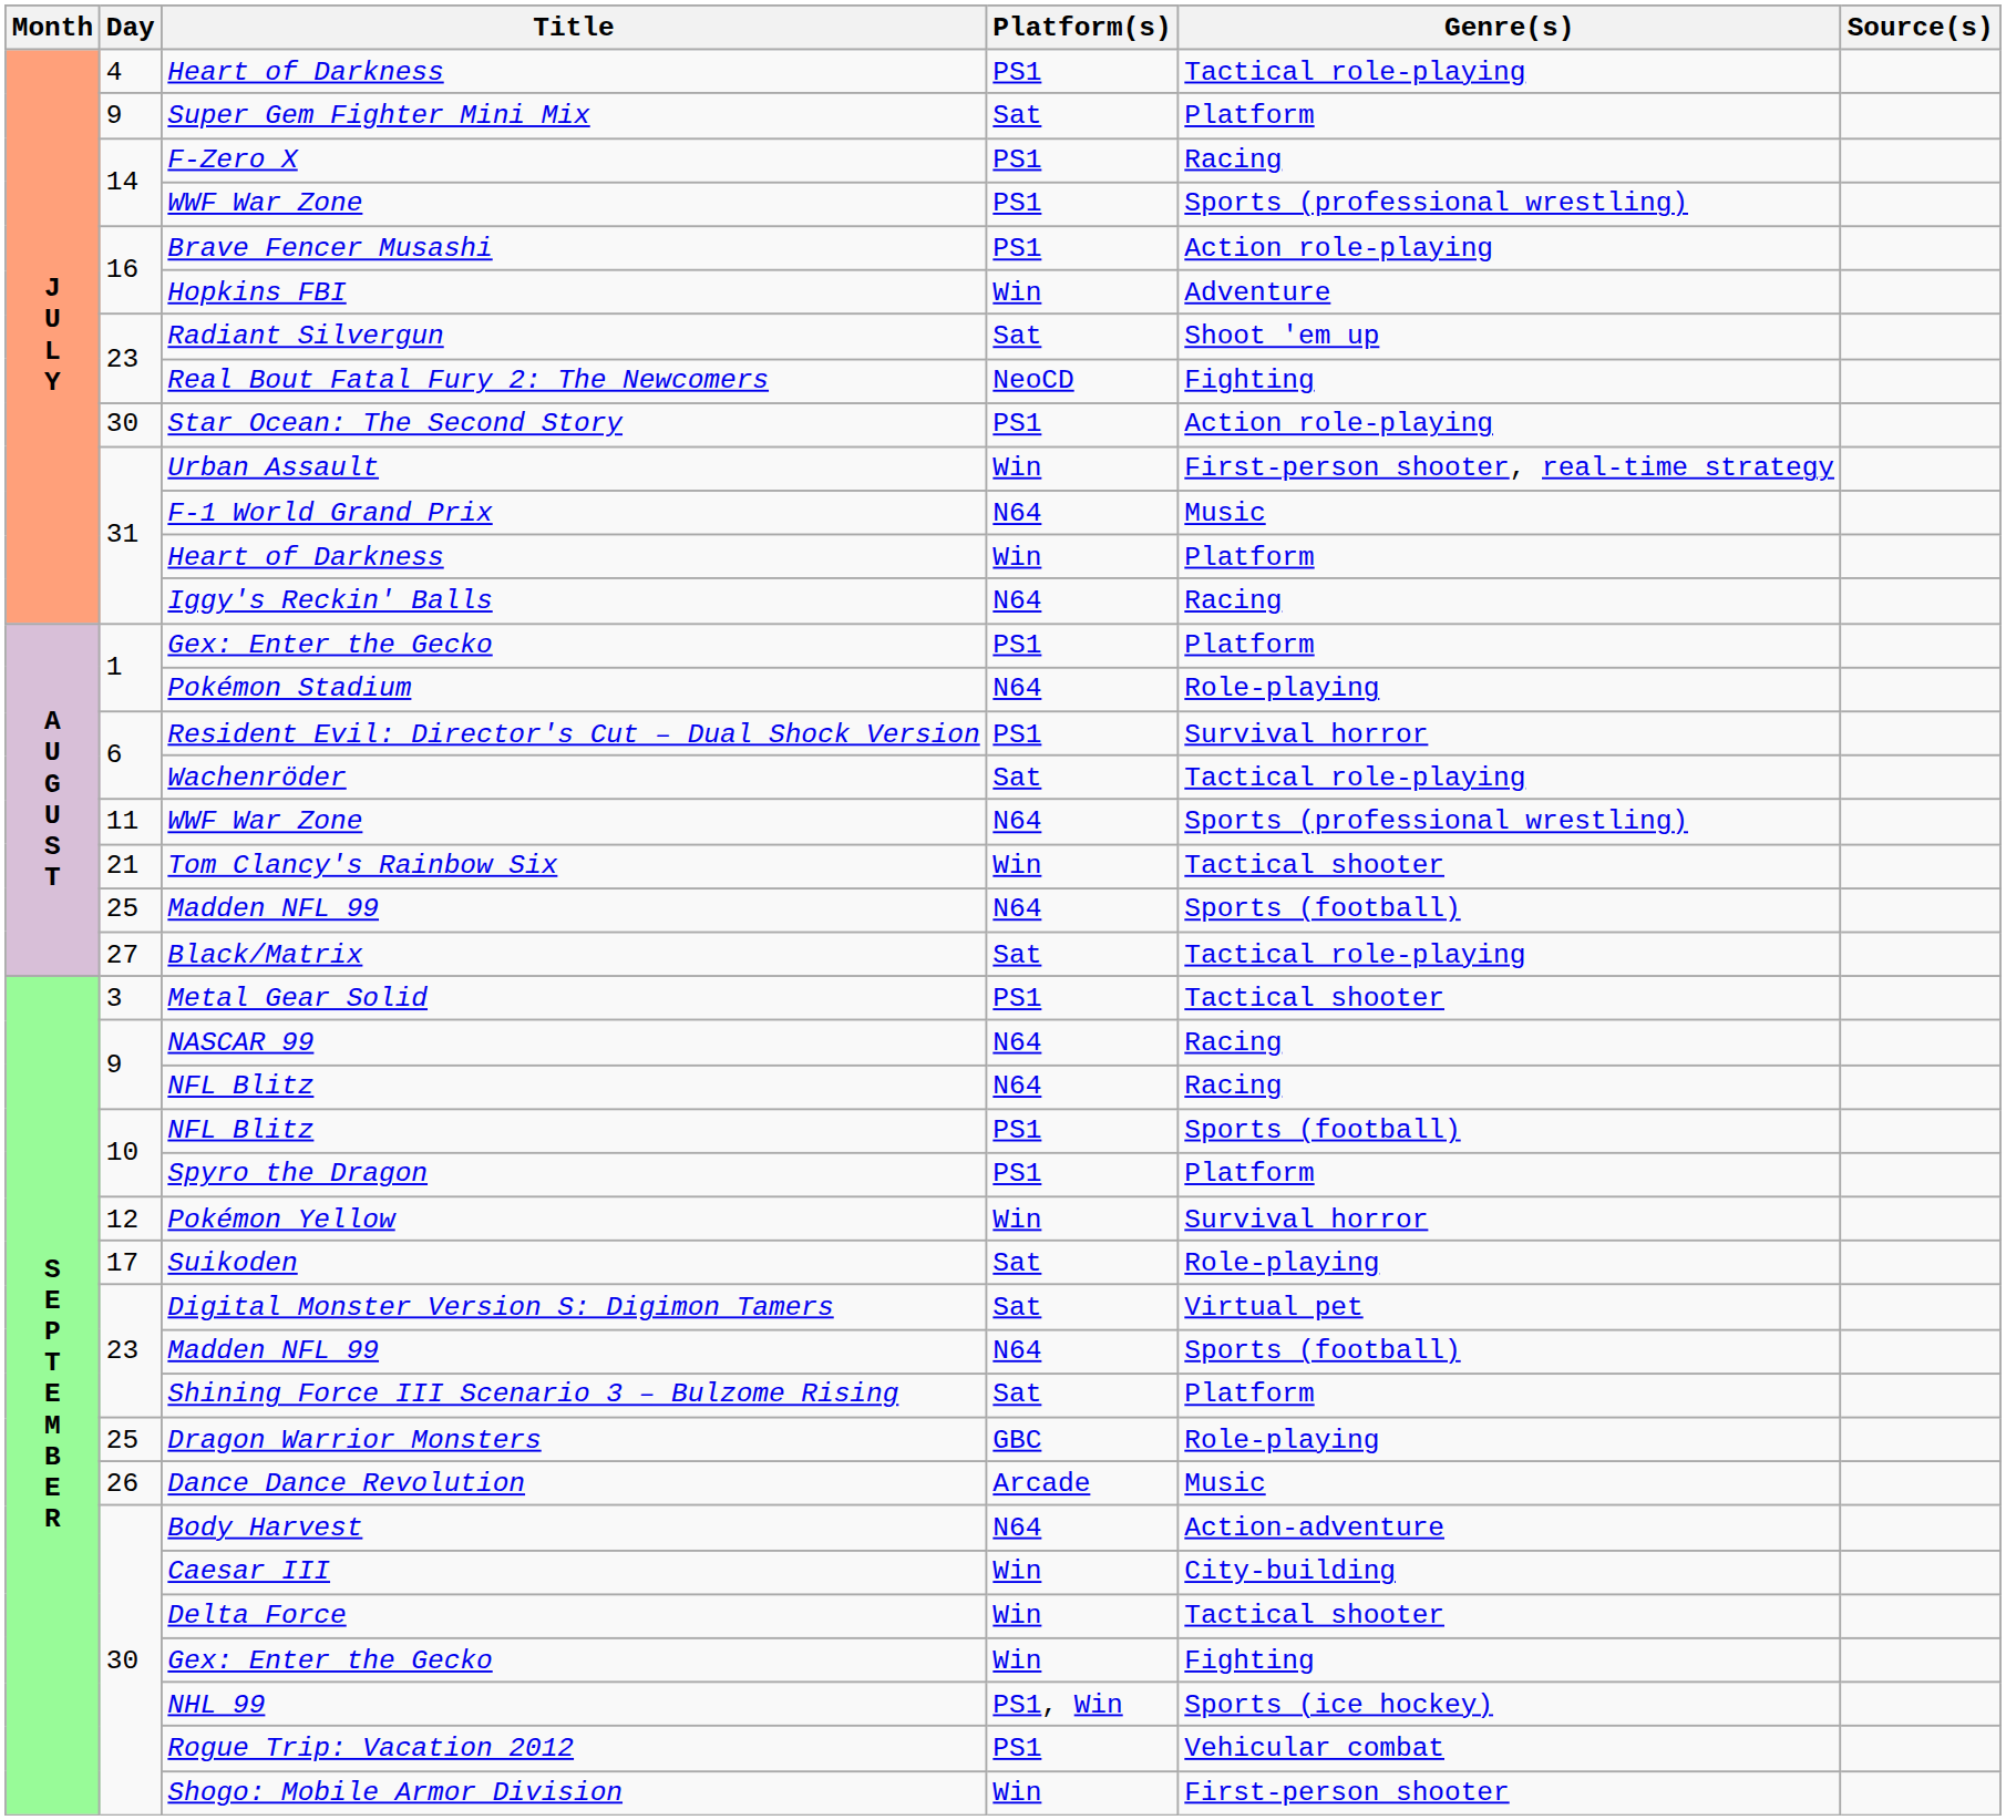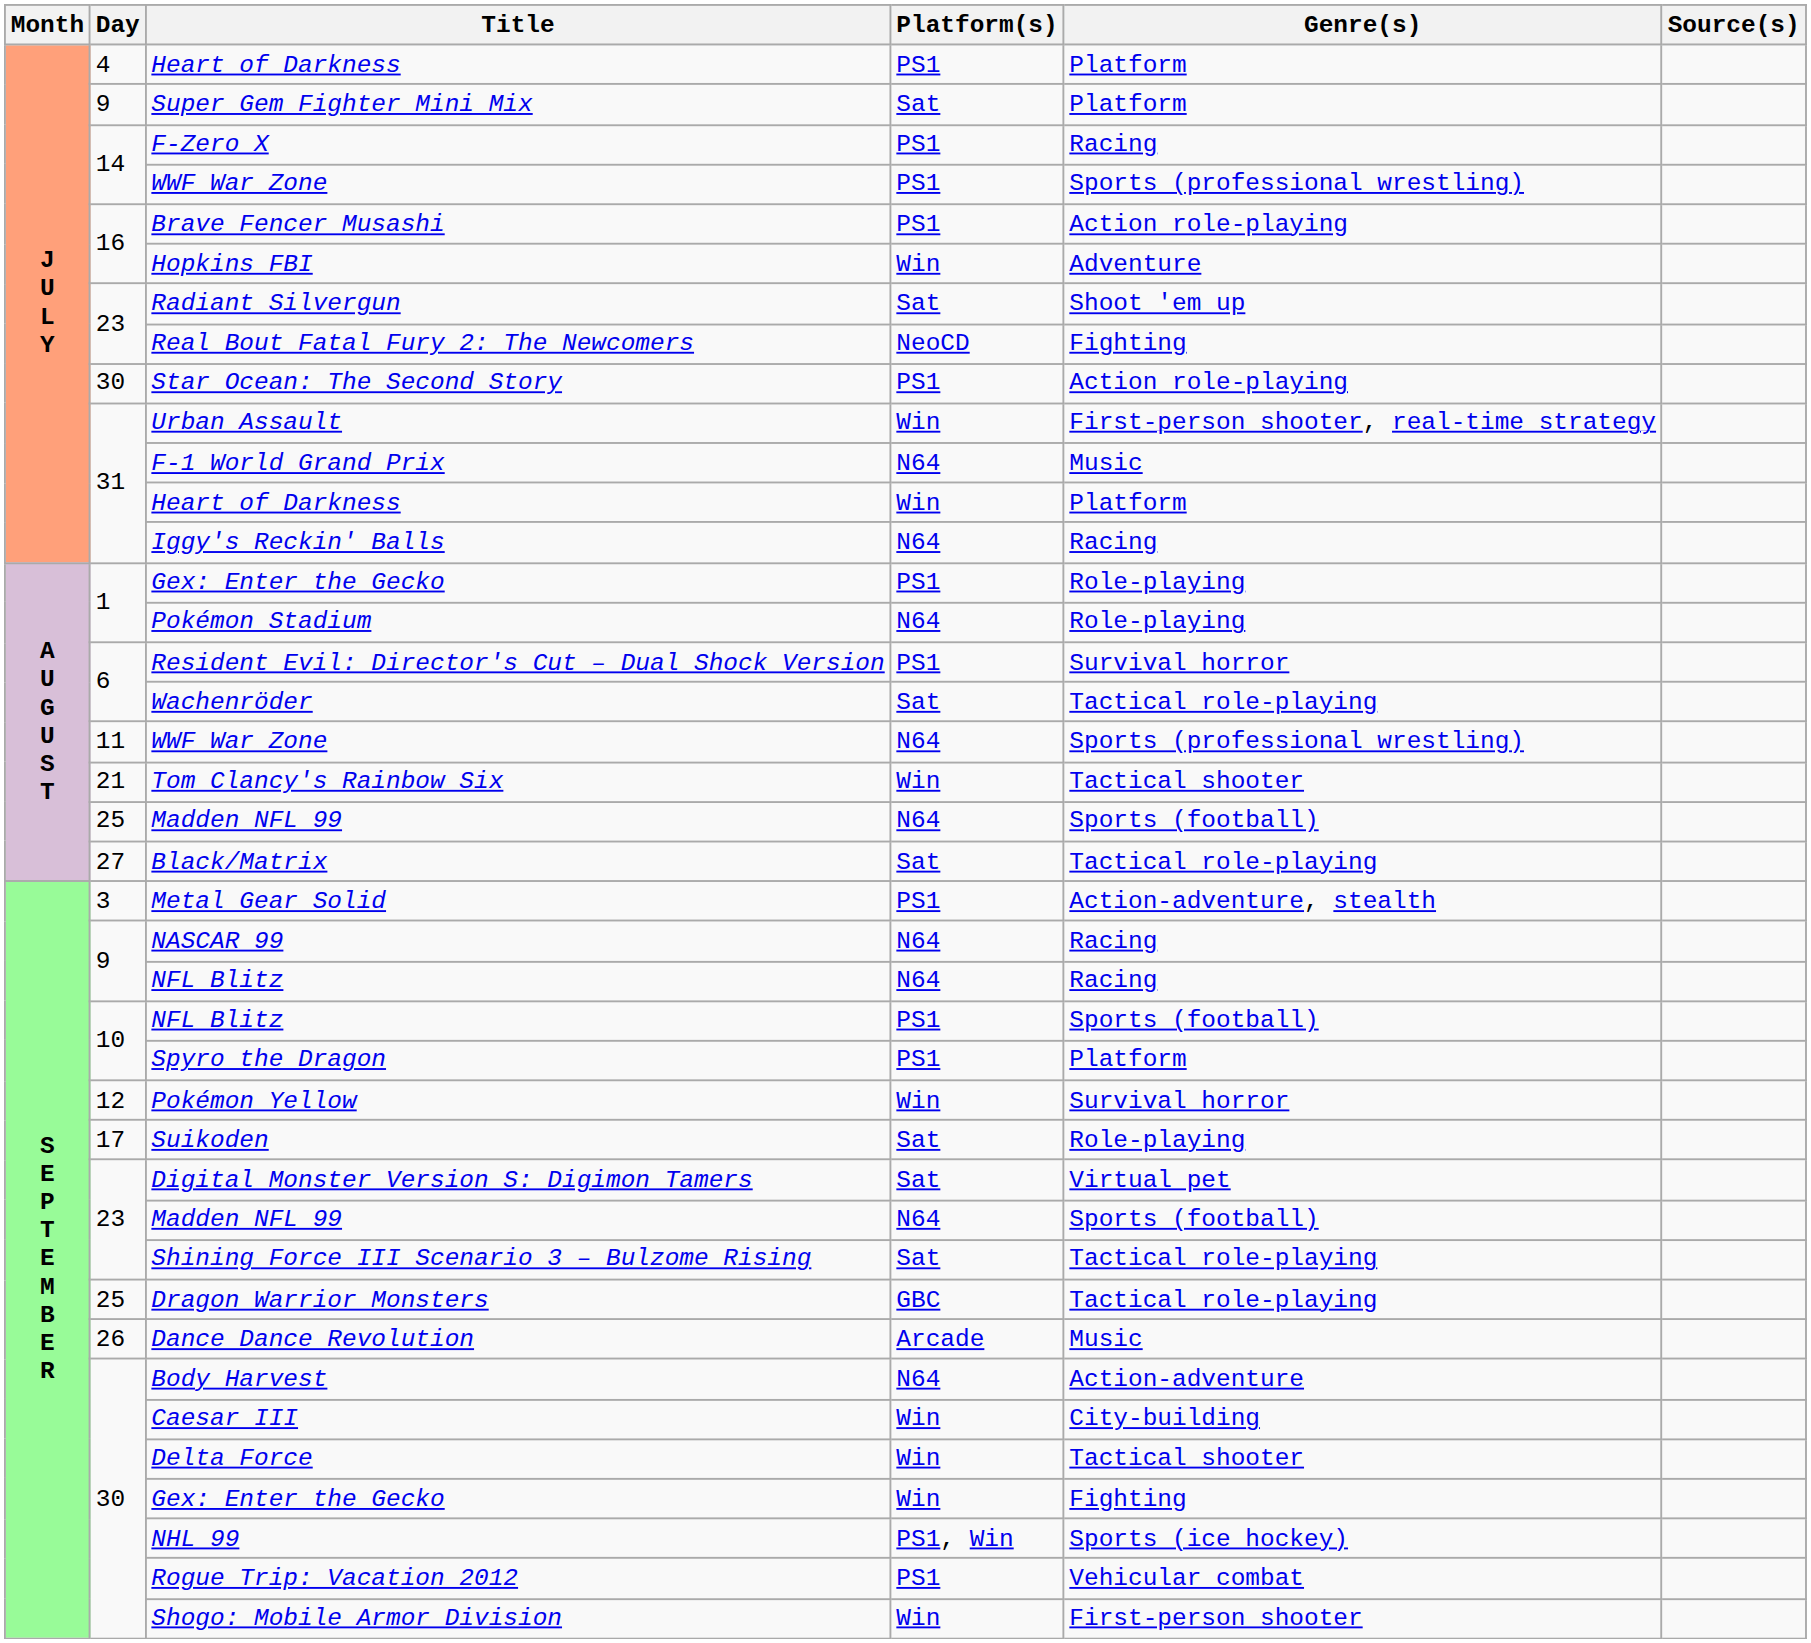 <table class="wikitable">
 <tr style="background:#dae3e7;">
 <th>Month</th>
 <th>Day</th>
 <th>Title</th>
 <th>Platform(s)</th>
 <th>Genre(s)</th>
 <th>Source(s)</th>
 </tr>
 <tr>
 <td rowspan="13" style="text-align:center; background:#ffa07a; textcolor:#000;"><strong>J<br>U<br>L<br>Y</strong></td>
 <td>4</td>
 <td><em><a href='#'>Heart of Darkness</a></em></td>
 <td><a href='#'>PS1</a></td>
-<td><a href='#'>Tactical role-playing</a></td>
+<td><a href='#'>Platform</a></td>
 <td align="center"></td>
 </tr>
 <tr>
 <td>9</td>
 <td><em><a href='#'>Super Gem Fighter Mini Mix</a></em></td>
 <td><a href='#'>Sat</a></td>
 <td><a href='#'>Platform</a></td>
 <td align="center"></td>
 </tr>
 <tr>
 <td rowspan="2">14</td>
 <td><em><a href='#'>F-Zero X</a></em></td>
 <td><a href='#'>PS1</a></td>
 <td><a href='#'>Racing</a></td>
 <td align="center"></td>
 </tr>
 <tr>
 <td><em><a href='#'>WWF War Zone</a></em></td>
 <td><a href='#'>PS1</a></td>
 <td><a href='#'>Sports (professional wrestling)</a></td>
 <td align="center"></td>
 </tr>
 <tr>
 <td rowspan="2">16</td>
 <td><em><a href='#'>Brave Fencer Musashi</a></em></td>
 <td><a href='#'>PS1</a></td>
 <td><a href='#'>Action role-playing</a></td>
 <td align="center"></td>
 </tr>
 <tr>
 <td><em><a href='#'>Hopkins FBI</a></em></td>
 <td><a href='#'>Win</a></td>
 <td><a href='#'>Adventure</a></td>
 <td align="center"></td>
 </tr>
 <tr>
 <td rowspan="2">23</td>
 <td><em><a href='#'>Radiant Silvergun</a></em></td>
 <td><a href='#'>Sat</a></td>
 <td><a href='#'>Shoot 'em up</a></td>
 <td align="center"></td>
 </tr>
 <tr>
 <td><em><a href='#'>Real Bout Fatal Fury 2: The Newcomers</a></em></td>
 <td><a href='#'>NeoCD</a></td>
 <td><a href='#'>Fighting</a></td>
 <td align="center"></td>
 </tr>
 <tr>
 <td>30</td>
 <td><em><a href='#'>Star Ocean: The Second Story</a></em></td>
 <td><a href='#'>PS1</a></td>
 <td><a href='#'>Action role-playing</a></td>
 <td align="center"></td>
 </tr>
 <tr>
 <td rowspan="4">31</td>
 <td><em><a href='#'>Urban Assault</a></em></td>
 <td><a href='#'>Win</a></td>
 <td><a href='#'>First-person shooter</a>, <a href='#'>real-time strategy</a></td>
 <td align="center"></td>
 </tr>
 <tr>
 <td><em><a href='#'>F-1 World Grand Prix</a></em></td>
 <td><a href='#'>N64</a></td>
 <td><a href='#'>Music</a></td>
 <td align="center"></td>
 </tr>
 <tr>
 <td><em><a href='#'>Heart of Darkness</a></em></td>
 <td><a href='#'>Win</a></td>
 <td><a href='#'>Platform</a></td>
 <td align="center"></td>
 </tr>
 <tr>
 <td><em><a href='#'>Iggy's Reckin' Balls</a></em></td>
 <td><a href='#'>N64</a></td>
 <td><a href='#'>Racing</a></td>
 <td align="center"></td>
 </tr>
 <tr>
 <td rowspan="8" style="text-align:center; background:thistle; textcolor:#000;"><strong>A<br>U<br>G<br>U<br>S<br>T</strong></td>
 <td rowspan="2">1</td>
 <td><em><a href='#'>Gex: Enter the Gecko</a></em></td>
 <td><a href='#'>PS1</a></td>
-<td><a href='#'>Platform</a></td>
+<td><a href='#'>Role-playing</a></td>
 <td align="center"></td>
 </tr>
 <tr>
 <td><em><a href='#'>Pokémon Stadium</a></em></td>
 <td><a href='#'>N64</a></td>
 <td><a href='#'>Role-playing</a></td>
 <td align="center"></td>
 </tr>
 <tr>
 <td rowspan="2">6</td>
 <td><em><a href='#'>Resident Evil: Director's Cut – Dual Shock Version</a></em></td>
 <td><a href='#'>PS1</a></td>
 <td><a href='#'>Survival horror</a></td>
 <td align="center"></td>
 </tr>
 <tr>
 <td><em><a href='#'>Wachenröder</a></em></td>
 <td><a href='#'>Sat</a></td>
 <td><a href='#'>Tactical role-playing</a></td>
 <td align="center"></td>
 </tr>
 <tr>
 <td>11</td>
 <td><em><a href='#'>WWF War Zone</a></em></td>
 <td><a href='#'>N64</a></td>
 <td><a href='#'>Sports (professional wrestling)</a></td>
 <td align="center"></td>
 </tr>
 <tr>
 <td>21</td>
 <td><em><a href='#'>Tom Clancy's Rainbow Six</a></em></td>
 <td><a href='#'>Win</a></td>
 <td><a href='#'>Tactical shooter</a></td>
 <td align="center"></td>
 </tr>
 <tr>
 <td>25</td>
 <td><em><a href='#'>Madden NFL 99</a></em></td>
 <td><a href='#'>N64</a></td>
 <td><a href='#'>Sports (football)</a></td>
 <td align="center"></td>
 </tr>
 <tr>
 <td>27</td>
 <td><em><a href='#'>Black/Matrix</a></em></td>
 <td><a href='#'>Sat</a></td>
 <td><a href='#'>Tactical role-playing</a></td>
 <td align="center"></td>
 </tr>
 <tr>
 <td rowspan="19" style="text-align:center; background:#98fb98; textcolor:#000;"><strong>S<br>E<br>P<br>T<br>E<br>M<br>B<br>E<br>R</strong></td>
 <td>3</td>
 <td><em><a href='#'>Metal Gear Solid</a></em></td>
 <td><a href='#'>PS1</a></td>
-<td><a href='#'>Tactical shooter</a></td>
+<td><a href='#'>Action-adventure</a>, <a href='#'>stealth</a></td>
 <td align="center"></td>
 </tr>
 <tr>
 <td rowspan="2">9</td>
 <td><em><a href='#'>NASCAR 99</a></em></td>
 <td><a href='#'>N64</a></td>
 <td><a href='#'>Racing</a></td>
 <td align="center"></td>
 </tr>
 <tr>
 <td><em><a href='#'>NFL Blitz</a></em></td>
 <td><a href='#'>N64</a></td>
 <td><a href='#'>Racing</a></td>
 <td align="center"></td>
 </tr>
 <tr>
 <td rowspan="2">10</td>
 <td><em><a href='#'>NFL Blitz</a></em></td>
 <td><a href='#'>PS1</a></td>
 <td><a href='#'>Sports (football)</a></td>
 <td align="center"></td>
 </tr>
 <tr>
 <td><em><a href='#'>Spyro the Dragon</a></em></td>
 <td><a href='#'>PS1</a></td>
 <td><a href='#'>Platform</a></td>
 <td align="center"></td>
 </tr>
 <tr>
 <td>12</td>
 <td><em><a href='#'>Pokémon Yellow</a></em></td>
 <td><a href='#'>Win</a></td>
 <td><a href='#'>Survival horror</a></td>
 <td align="center"></td>
 </tr>
 <tr>
 <td>17</td>
 <td><em><a href='#'>Suikoden</a></em></td>
 <td><a href='#'>Sat</a></td>
 <td><a href='#'>Role-playing</a></td>
 <td align="center"></td>
 </tr>
 <tr>
 <td rowspan="3">23</td>
 <td><em><a href='#'>Digital Monster Version S: Digimon Tamers</a></em></td>
 <td><a href='#'>Sat</a></td>
 <td><a href='#'>Virtual pet</a></td>
 <td align="center"></td>
 </tr>
 <tr>
 <td><em><a href='#'>Madden NFL 99</a></em></td>
 <td><a href='#'>N64</a></td>
 <td><a href='#'>Sports (football)</a></td>
 <td align="center"></td>
 </tr>
 <tr>
 <td><em><a href='#'>Shining Force III Scenario 3 – Bulzome Rising</a></em></td>
 <td><a href='#'>Sat</a></td>
-<td><a href='#'>Platform</a></td>
+<td><a href='#'>Tactical role-playing</a></td>
 <td align="center"></td>
 </tr>
 <tr>
 <td>25</td>
 <td><em><a href='#'>Dragon Warrior Monsters</a></em></td>
 <td><a href='#'>GBC</a></td>
-<td><a href='#'>Role-playing</a></td>
+<td><a href='#'>Tactical role-playing</a></td>
 <td align="center"></td>
 </tr>
 <tr>
 <td>26</td>
 <td><em><a href='#'>Dance Dance Revolution</a></em></td>
 <td><a href='#'>Arcade</a></td>
 <td><a href='#'>Music</a></td>
 <td align="center"></td>
 </tr>
 <tr>
 <td rowspan="7">30</td>
 <td><em><a href='#'>Body Harvest</a></em></td>
 <td><a href='#'>N64</a></td>
 <td><a href='#'>Action-adventure</a></td>
 <td align="center"></td>
 </tr>
 <tr>
 <td><em><a href='#'>Caesar III</a></em></td>
 <td><a href='#'>Win</a></td>
 <td><a href='#'>City-building</a></td>
 <td align="center"></td>
 </tr>
 <tr>
 <td><em><a href='#'>Delta Force</a></em></td>
 <td><a href='#'>Win</a></td>
 <td><a href='#'>Tactical shooter</a></td>
 <td align="center"></td>
 </tr>
 <tr>
 <td><em><a href='#'>Gex: Enter the Gecko</a></em></td>
 <td><a href='#'>Win</a></td>
 <td><a href='#'>Fighting</a></td>
 <td align="center"></td>
 </tr>
 <tr>
 <td><em><a href='#'>NHL 99</a></em></td>
 <td><a href='#'>PS1</a>, <a href='#'>Win</a></td>
 <td><a href='#'>Sports (ice hockey)</a></td>
 <td align="center"></td>
 </tr>
 <tr>
 <td><em><a href='#'>Rogue Trip: Vacation 2012</a></em></td>
 <td><a href='#'>PS1</a></td>
 <td><a href='#'>Vehicular combat</a></td>
 <td align="center"></td>
 </tr>
 <tr>
 <td><em><a href='#'>Shogo: Mobile Armor Division</a></em></td>
 <td><a href='#'>Win</a></td>
 <td><a href='#'>First-person shooter</a></td>
 <td align="center"></td>
 </tr>
 </table>
